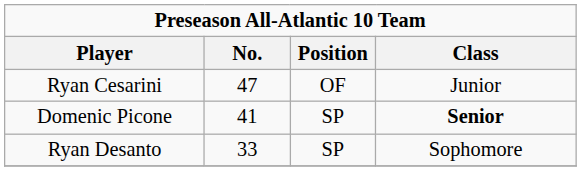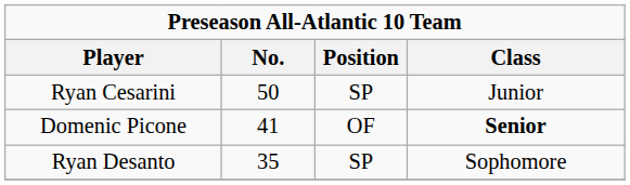 <table class="wikitable" style="text-align:center">
 <tr>
 <td colspan="5"><strong>Preseason All-Atlantic 10 Team</strong></td>
 </tr>
 <tr>
 <th style="width:150px; ">Player</th>
 <th style="width:60px; ">No.</th>
 <th style="width:60px; ">Position</th>
 <th style="width:150px; ">Class</th>
 </tr>
 <tr>
 <td>Ryan Cesarini</td>
-<td>47</td>
-<td>OF</td>
+<td>50</td>
+<td>SP</td>
 <td>Junior</td>
 </tr>
 <tr>
 <td>Domenic Picone</td>
 <td>41</td>
-<td>SP</td>
+<td>OF</td>
 <td><strong>Senior</strong></td>
 </tr>
 <tr>
 <td>Ryan Desanto</td>
-<td>33</td>
+<td>35</td>
 <td>SP</td>
 <td>Sophomore</td>
 </tr>
 <tr>
 </tr>
 </table>
